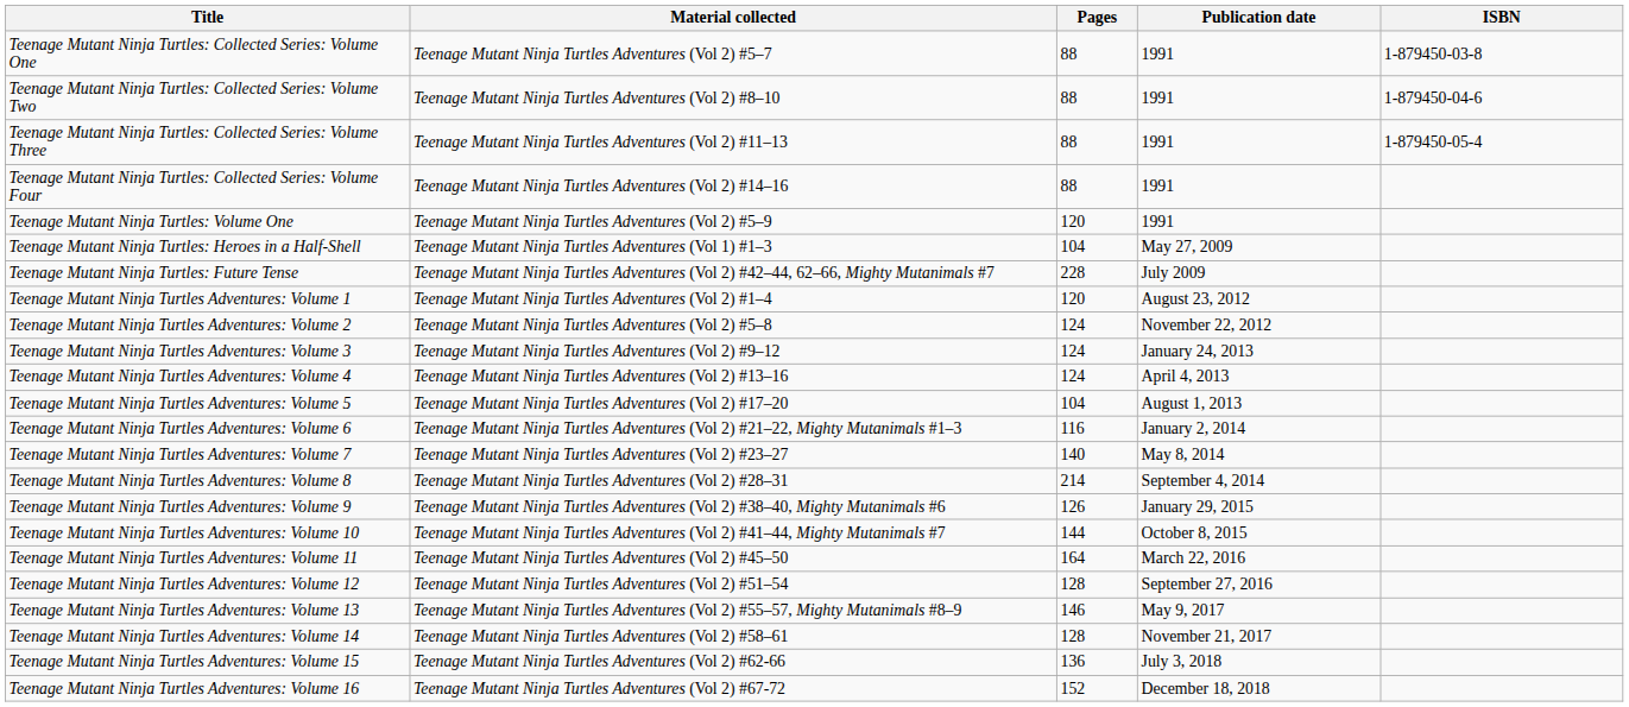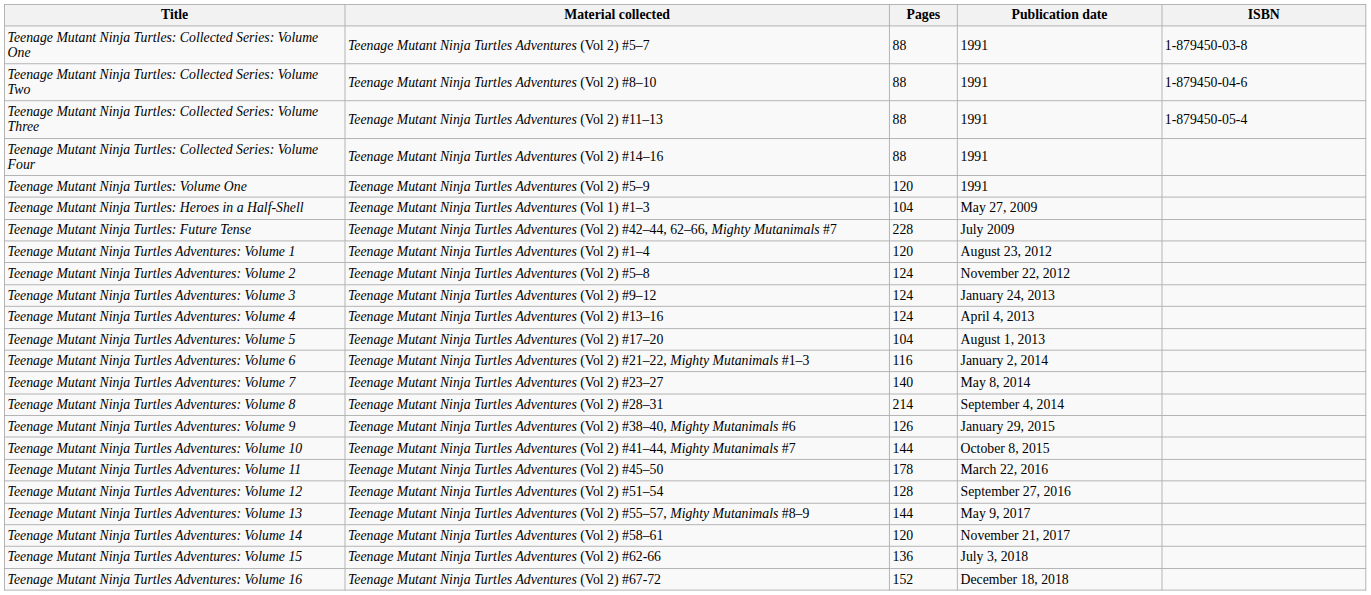 <table class="wikitable" width="100%">
 <tr>
 <th width="25%">Title</th>
 <th width="40%">Material collected</th>
 <th width="5%">Pages</th>
 <th width="15%">Publication date</th>
 <th width="15%">ISBN</th>
 </tr>
 <tr>
 <td><em>Teenage Mutant Ninja Turtles: Collected Series: Volume One</em></td>
 <td><em>Teenage Mutant Ninja Turtles Adventures</em> (Vol 2) #5–7</td>
 <td>88</td>
 <td>1991</td>
 <td>1-879450-03-8</td>
 </tr>
 <tr>
 <td><em>Teenage Mutant Ninja Turtles: Collected Series: Volume Two</em></td>
 <td><em>Teenage Mutant Ninja Turtles Adventures</em> (Vol 2) #8–10</td>
 <td>88</td>
 <td>1991</td>
 <td>1-879450-04-6</td>
 </tr>
 <tr>
 <td><em>Teenage Mutant Ninja Turtles: Collected Series: Volume Three</em></td>
 <td><em>Teenage Mutant Ninja Turtles Adventures</em> (Vol 2) #11–13</td>
 <td>88</td>
 <td>1991</td>
 <td>1-879450-05-4</td>
 </tr>
 <tr>
 <td><em>Teenage Mutant Ninja Turtles: Collected Series: Volume Four</em></td>
 <td><em>Teenage Mutant Ninja Turtles Adventures</em> (Vol 2) #14–16</td>
 <td>88</td>
 <td>1991</td>
 <td></td>
 </tr>
 <tr>
 <td><em>Teenage Mutant Ninja Turtles: Volume One</em></td>
 <td><em>Teenage Mutant Ninja Turtles Adventures</em> (Vol 2) #5–9</td>
 <td>120</td>
 <td>1991</td>
 <td></td>
 </tr>
 <tr>
 <td><em>Teenage Mutant Ninja Turtles: Heroes in a Half-Shell</em></td>
 <td><em>Teenage Mutant Ninja Turtles Adventures</em> (Vol 1) #1–3</td>
 <td>104</td>
 <td>May 27, 2009</td>
 <td></td>
 </tr>
 <tr>
 <td><em>Teenage Mutant Ninja Turtles: Future Tense</em></td>
 <td><em>Teenage Mutant Ninja Turtles Adventures</em> (Vol 2) #42–44, 62–66, <em>Mighty Mutanimals</em> #7</td>
 <td>228</td>
 <td>July 2009</td>
 <td></td>
 </tr>
 <tr>
 <td><em>Teenage Mutant Ninja Turtles Adventures: Volume 1</em></td>
 <td><em>Teenage Mutant Ninja Turtles Adventures</em> (Vol 2) #1–4</td>
 <td>120</td>
 <td>August 23, 2012</td>
 <td></td>
 </tr>
 <tr>
 <td><em>Teenage Mutant Ninja Turtles Adventures: Volume 2</em></td>
 <td><em>Teenage Mutant Ninja Turtles Adventures</em> (Vol 2) #5–8</td>
 <td>124</td>
 <td>November 22, 2012</td>
 <td></td>
 </tr>
 <tr>
 <td><em>Teenage Mutant Ninja Turtles Adventures: Volume 3</em></td>
 <td><em>Teenage Mutant Ninja Turtles Adventures</em> (Vol 2) #9–12</td>
 <td>124</td>
 <td>January 24, 2013</td>
 <td></td>
 </tr>
 <tr>
 <td><em>Teenage Mutant Ninja Turtles Adventures: Volume 4</em></td>
 <td><em>Teenage Mutant Ninja Turtles Adventures</em> (Vol 2) #13–16</td>
 <td>124</td>
 <td>April 4, 2013</td>
 <td></td>
 </tr>
 <tr>
 <td><em>Teenage Mutant Ninja Turtles Adventures: Volume 5</em></td>
 <td><em>Teenage Mutant Ninja Turtles Adventures</em> (Vol 2) #17–20</td>
 <td>104</td>
 <td>August 1, 2013</td>
 <td></td>
 </tr>
 <tr>
 <td><em>Teenage Mutant Ninja Turtles Adventures: Volume 6</em></td>
 <td><em>Teenage Mutant Ninja Turtles Adventures</em> (Vol 2) #21–22, <em>Mighty Mutanimals</em> #1–3</td>
 <td>116</td>
 <td>January 2, 2014</td>
 <td></td>
 </tr>
 <tr>
 <td><em>Teenage Mutant Ninja Turtles Adventures: Volume 7</em></td>
 <td><em>Teenage Mutant Ninja Turtles Adventures</em> (Vol 2) #23–27</td>
 <td>140</td>
 <td>May 8, 2014</td>
 <td></td>
 </tr>
 <tr>
 <td><em>Teenage Mutant Ninja Turtles Adventures: Volume 8</em></td>
 <td><em>Teenage Mutant Ninja Turtles Adventures</em> (Vol 2) #28–31</td>
 <td>214</td>
 <td>September 4, 2014</td>
 <td></td>
 </tr>
 <tr>
 <td><em>Teenage Mutant Ninja Turtles Adventures: Volume 9</em></td>
 <td><em>Teenage Mutant Ninja Turtles Adventures</em> (Vol 2) #38–40, <em>Mighty Mutanimals</em> #6</td>
 <td>126</td>
 <td>January 29, 2015</td>
 <td></td>
 </tr>
 <tr>
 <td><em>Teenage Mutant Ninja Turtles Adventures: Volume 10</em></td>
 <td><em>Teenage Mutant Ninja Turtles Adventures</em> (Vol 2) #41–44, <em>Mighty Mutanimals</em> #7</td>
 <td>144</td>
 <td>October 8, 2015</td>
 <td></td>
 </tr>
 <tr>
 <td><em>Teenage Mutant Ninja Turtles Adventures: Volume 11</em></td>
 <td><em>Teenage Mutant Ninja Turtles Adventures</em> (Vol 2) #45–50</td>
-<td>164</td>
+<td>178</td>
 <td>March 22, 2016</td>
 <td></td>
 </tr>
 <tr>
 <td><em>Teenage Mutant Ninja Turtles Adventures: Volume 12</em></td>
 <td><em>Teenage Mutant Ninja Turtles Adventures</em> (Vol 2) #51–54</td>
 <td>128</td>
 <td>September 27, 2016</td>
 <td></td>
 </tr>
 <tr>
 <td><em>Teenage Mutant Ninja Turtles Adventures: Volume 13</em></td>
 <td><em>Teenage Mutant Ninja Turtles Adventures</em> (Vol 2) #55–57, <em>Mighty Mutanimals</em> #8–9</td>
-<td>146</td>
+<td>144</td>
 <td>May 9, 2017</td>
 <td></td>
 </tr>
 <tr>
 <td><em>Teenage Mutant Ninja Turtles Adventures: Volume 14</em></td>
 <td><em>Teenage Mutant Ninja Turtles Adventures</em> (Vol 2) #58–61</td>
-<td>128</td>
+<td>120</td>
 <td>November 21, 2017</td>
 <td></td>
 </tr>
 <tr>
 <td><em>Teenage Mutant Ninja Turtles Adventures: Volume 15</em></td>
 <td><em>Teenage Mutant Ninja Turtles Adventures</em> (Vol 2) #62-66</td>
 <td>136</td>
 <td>July 3, 2018</td>
 <td></td>
 </tr>
 <tr>
 <td><em>Teenage Mutant Ninja Turtles Adventures: Volume 16</em></td>
 <td><em>Teenage Mutant Ninja Turtles Adventures</em> (Vol 2) #67-72</td>
 <td>152</td>
 <td>December 18, 2018</td>
 <td></td>
 </tr>
 </table>
